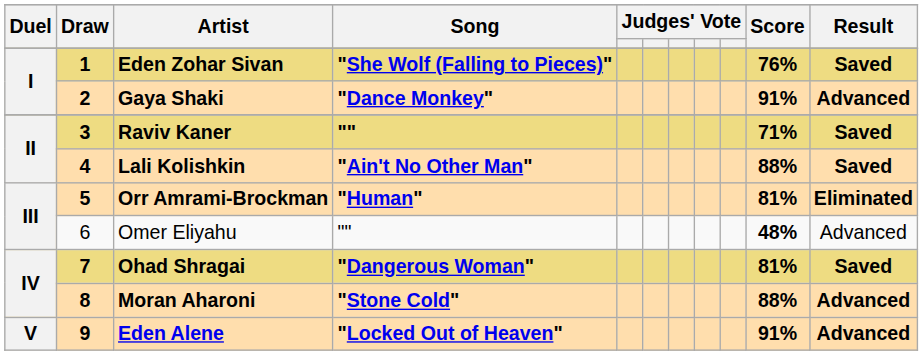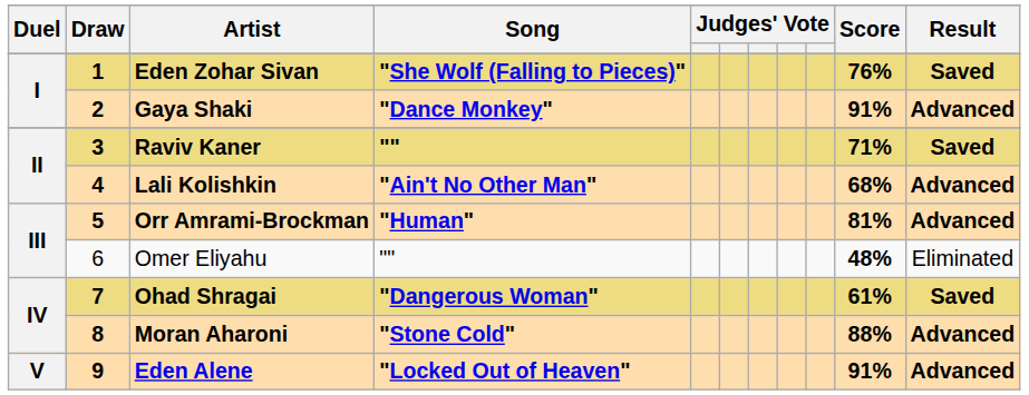 <table class="sortable wikitable" style="margin: 1em auto 1em auto; text-align:center; font-size:90%; line-height:18px;">
 <tr>
 </tr>
 <tr>
 <th rowspan="2" class="unsortable">Duel</th>
 <th rowspan="2">Draw</th>
 <th rowspan="2">Artist</th>
 <th rowspan="2">Song</th>
 <th colspan="5" class="unsortable">Judges' Vote</th>
 <th rowspan="2">Score</th>
 <th rowspan="2">Result</th>
 </tr>
 <tr>
 <th class="unsortable"></th>
 <th class="unsortable"></th>
 <th class="unsortable"></th>
 <th class="unsortable"></th>
 <th class="unsortable"></th>
 </tr>
 <tr>
 </tr>
 <tr style="font-weight:bold; background:#eedc82;">
 <th rowspan="2">I</th>
 <td>1</td>
 <td align="left">Eden Zohar Sivan</td>
 <td align="left">"<a href='#'>She Wolf (Falling to Pieces)</a>"</td>
 <td></td>
 <td></td>
 <td></td>
 <td></td>
 <td></td>
 <td>76%</td>
 <td>Saved</td>
 </tr>
 <tr style="font-weight:bold; background:navajowhite;">
 <td>2</td>
 <td align="left">Gaya Shaki</td>
 <td align="left">"<a href='#'>Dance Monkey</a>"</td>
 <td></td>
 <td></td>
 <td></td>
 <td></td>
 <td></td>
 <td>91%</td>
 <td>Advanced</td>
 </tr>
 <tr>
 </tr>
 <tr style="font-weight:bold; background:#eedc82;">
 <th rowspan="2">II</th>
 <td>3</td>
 <td align="left">Raviv Kaner</td>
 <td align="left">""</td>
 <td></td>
 <td></td>
 <td></td>
 <td></td>
 <td></td>
 <td>71%</td>
 <td>Saved</td>
 </tr>
 <tr style="font-weight:bold; background:navajowhite;">
 <td>4</td>
 <td align="left">Lali Kolishkin</td>
 <td align="left">"<a href='#'>Ain't No Other Man</a>"</td>
 <td></td>
 <td></td>
 <td></td>
 <td></td>
 <td></td>
-<td>88%</td>
-<td>Saved</td>
+<td>68%</td>
+<td>Advanced</td>
 </tr>
 <tr style="font-weight:bold; background:navajowhite;">
 <th rowspan="2">III</th>
 <td>5</td>
 <td align="left">Orr Amrami-Brockman</td>
 <td align="left">"<a href='#'>Human</a>"</td>
 <td></td>
 <td></td>
 <td></td>
 <td></td>
 <td></td>
 <td>81%</td>
-<td>Eliminated</td>
+<td>Advanced</td>
 </tr>
 <tr>
 <td>6</td>
 <td align="left">Omer Eliyahu</td>
 <td align="left">""</td>
 <td></td>
 <td></td>
 <td></td>
 <td></td>
 <td></td>
 <td><strong>48%</strong></td>
-<td>Advanced</td>
+<td>Eliminated</td>
 </tr>
 <tr style="font-weight:bold; background:#eedc82;">
 <th rowspan="2">IV</th>
 <td>7</td>
 <td align="left">Ohad Shragai</td>
 <td align="left">"<a href='#'>Dangerous Woman</a>"</td>
 <td></td>
 <td></td>
 <td></td>
 <td></td>
 <td></td>
-<td>81%</td>
+<td>61%</td>
 <td>Saved</td>
 </tr>
 <tr style="font-weight:bold; background:navajowhite;">
 <td>8</td>
 <td align="left">Moran Aharoni</td>
 <td align="left">"<a href='#'>Stone Cold</a>"</td>
 <td></td>
 <td></td>
 <td></td>
 <td></td>
 <td></td>
 <td>88%</td>
 <td>Advanced</td>
 </tr>
 <tr style="font-weight:bold; background:navajowhite;">
 <th>V</th>
 <td>9</td>
 <td align="left"><a href='#'>Eden Alene</a></td>
 <td align="left">"<a href='#'>Locked Out of Heaven</a>"</td>
 <td></td>
 <td></td>
 <td></td>
 <td></td>
 <td></td>
 <td>91%</td>
 <td>Advanced</td>
 </tr>
 </table>
